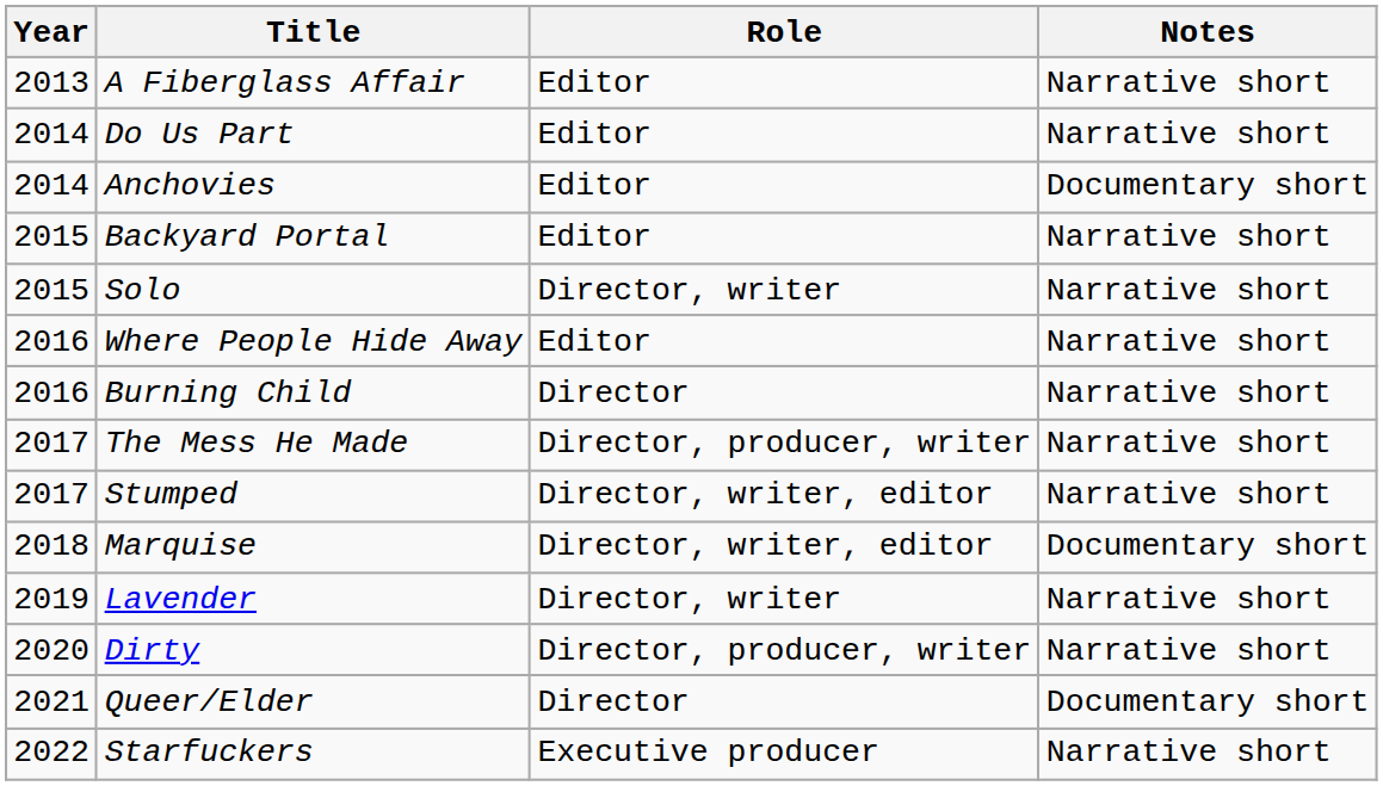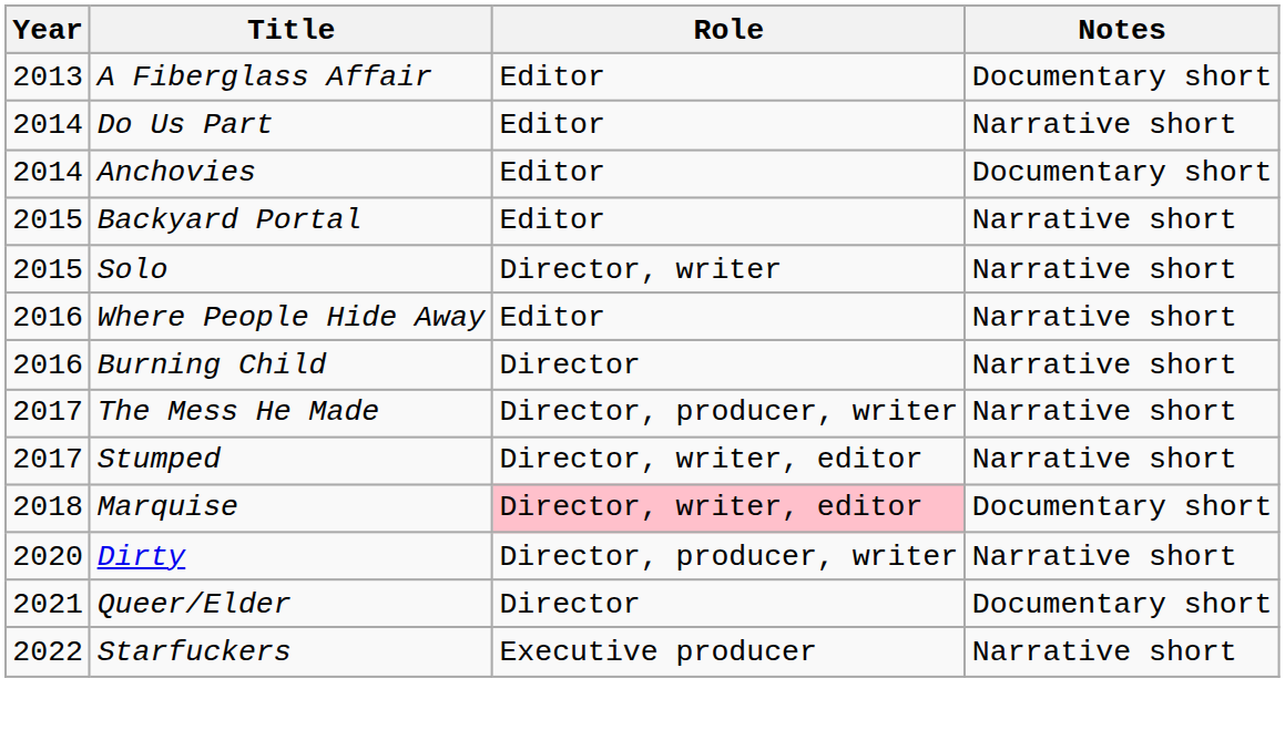 <table class="wikitable sortable" style="border:none; margin:0;">
 <tr valign="bottom">
 <th scope="col">Year</th>
 <th scope="col">Title</th>
 <th scope="col">Role</th>
 <th scope="col">Notes</th>
 </tr>
 <tr>
 <td>2013</td>
 <td><em>A Fiberglass Affair</em></td>
 <td>Editor</td>
-<td>Narrative short</td>
+<td>Documentary short</td>
 </tr>
 <tr>
 <td>2014</td>
 <td><em>Do Us Part</em></td>
 <td>Editor</td>
 <td>Narrative short</td>
 </tr>
 <tr>
 <td>2014</td>
 <td><em>Anchovies</em></td>
 <td>Editor</td>
 <td>Documentary short</td>
 </tr>
 <tr>
 <td>2015</td>
 <td><em>Backyard Portal</em></td>
 <td>Editor</td>
 <td>Narrative short</td>
 </tr>
 <tr>
 <td>2015</td>
 <td><em>Solo</em></td>
 <td>Director, writer</td>
 <td>Narrative short</td>
 </tr>
 <tr>
 <td>2016</td>
 <td><em>Where People Hide Away</em></td>
 <td>Editor</td>
 <td>Narrative short</td>
 </tr>
 <tr>
 <td>2016</td>
 <td><em>Burning Child</em></td>
 <td>Director</td>
 <td>Narrative short</td>
 </tr>
 <tr>
 <td>2017</td>
 <td><em>The Mess He Made</em></td>
 <td>Director, producer, writer</td>
 <td>Narrative short</td>
 </tr>
 <tr>
 <td>2017</td>
 <td><em>Stumped</em></td>
 <td>Director, writer, editor</td>
 <td>Narrative short</td>
 </tr>
 <tr>
 <td>2018</td>
 <td><em>Marquise</em></td>
-<td>Director, writer, editor</td>
+<td style="background: pink;">Director, writer, editor</td>
 <td>Documentary short</td>
-</tr>
-<tr>
-<td>2019</td>
-<td><em><a href='#'>Lavender</a></em></td>
-<td>Director, writer</td>
-<td>Narrative short</td>
 </tr>
 <tr>
 <td>2020</td>
 <td><em><a href='#'>Dirty</a></em></td>
 <td>Director, producer, writer</td>
 <td>Narrative short</td>
 </tr>
 <tr>
 <td>2021</td>
 <td><em>Queer/Elder</em></td>
 <td>Director</td>
 <td>Documentary short</td>
 </tr>
 <tr>
 <td>2022</td>
 <td><em>Starfuckers</em></td>
 <td>Executive producer</td>
 <td>Narrative short</td>
 </tr>
 <tr>
 </tr>
 </table>
